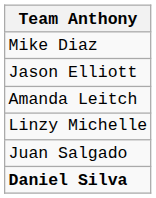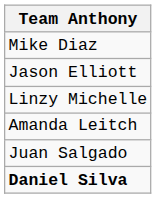 <table class="wikitable" style="display: inline-table;">
 <tr>
 <th>Team Anthony</th>
 </tr>
 <tr>
 <td>Mike Diaz</td>
 </tr>
 <tr>
 <td>Jason Elliott</td>
 </tr>
 <tr>
-<td>Amanda Leitch</td>
+<td>Linzy Michelle</td>
 </tr>
 <tr>
-<td>Linzy Michelle</td>
+<td>Amanda Leitch</td>
 </tr>
 <tr>
 <td>Juan Salgado</td>
 </tr>
 <tr>
 <td><strong>Daniel Silva</strong></td>
 </tr>
 </table>
